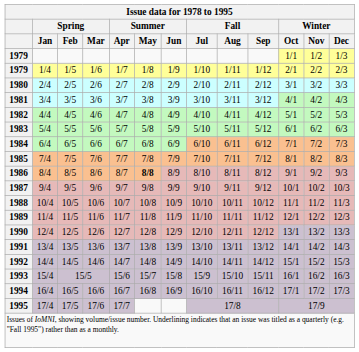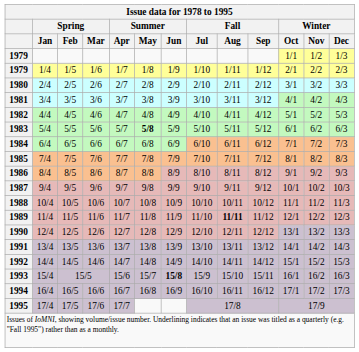 <table class="wikitable collapsible collapsed" style="max-width:500px; font-size: 10pt; line-height: 11pt; margin-left: 2em; text-align: center; float: right">
 <tr>
 <th colspan="13">Issue data for 1978 to 1995</th>
 </tr>
 <tr>
 <th></th>
 <th colspan="3">Spring</th>
 <th colspan="3">Summer</th>
 <th colspan="3">Fall</th>
 <th colspan="3">Winter</th>
 </tr>
 <tr>
 <th></th>
 <th>Jan</th>
 <th>Feb</th>
 <th>Mar</th>
 <th>Apr</th>
 <th>May</th>
 <th>Jun</th>
 <th>Jul</th>
 <th>Aug</th>
 <th>Sep</th>
 <th>Oct</th>
 <th>Nov</th>
 <th>Dec</th>
 </tr>
 <tr>
 <th>1979</th>
 <td></td>
 <td></td>
 <td></td>
 <td></td>
 <td></td>
 <td></td>
 <td></td>
 <td></td>
 <td></td>
 <td bgcolor="#ffff99">1/1</td>
 <td bgcolor="#ffff99">1/2</td>
 <td bgcolor="#ffff99">1/3</td>
 </tr>
 <tr>
 <th>1979</th>
 <td bgcolor="#ffff99">1/4</td>
 <td bgcolor="#ffff99">1/5</td>
 <td bgcolor="#ffff99">1/6</td>
 <td bgcolor="#ffff99">1/7</td>
 <td bgcolor="#ffff99">1/8</td>
 <td bgcolor="#ffff99">1/9</td>
 <td bgcolor="#ffff99">1/10</td>
 <td bgcolor="#ffff99">1/11</td>
 <td bgcolor="#ffff99">1/12</td>
 <td bgcolor="#ffff99">2/1</td>
 <td bgcolor="#ffff99">2/2</td>
 <td bgcolor="#ffff99">2/3</td>
 </tr>
 <tr>
 <th>1980</th>
 <td bgcolor="#ccffff">2/4</td>
 <td bgcolor="#ccffff">2/5</td>
 <td bgcolor="#ccffff">2/6</td>
 <td bgcolor="#ccffff">2/7</td>
 <td bgcolor="#ccffff">2/8</td>
 <td bgcolor="#ccffff">2/9</td>
 <td bgcolor="#ccffff">2/10</td>
 <td bgcolor="#ccffff">2/11</td>
 <td bgcolor="#ccffff">2/12</td>
 <td bgcolor="#ccffff">3/1</td>
 <td bgcolor="#ccffff">3/2</td>
 <td bgcolor="#ccffff">3/3</td>
 </tr>
 <tr>
 <th>1981</th>
 <td bgcolor="#ccffff">3/4</td>
 <td bgcolor="#ccffff">3/5</td>
 <td bgcolor="#ccffff">3/6</td>
 <td bgcolor="#ccffff">3/7</td>
 <td bgcolor="#ccffff">3/8</td>
 <td bgcolor="#ccffff">3/9</td>
 <td bgcolor="#ccffff">3/10</td>
 <td bgcolor="#ccffff">3/11</td>
 <td bgcolor="#ccffff">3/12</td>
 <td bgcolor="#c3f9bf">4/1</td>
 <td bgcolor="#c3f9bf">4/2</td>
 <td bgcolor="#c3f9bf">4/3</td>
 </tr>
 <tr>
 <th>1982</th>
 <td bgcolor="#c3f9bf">4/4</td>
 <td bgcolor="#c3f9bf">4/5</td>
 <td bgcolor="#c3f9bf">4/6</td>
 <td bgcolor="#c3f9bf">4/7</td>
 <td bgcolor="#c3f9bf">4/8</td>
 <td bgcolor="#c3f9bf">4/9</td>
 <td bgcolor="#c3f9bf">4/10</td>
 <td bgcolor="#c3f9bf">4/11</td>
 <td bgcolor="#c3f9bf">4/12</td>
 <td bgcolor="#c3f9bf">5/1</td>
 <td bgcolor="#c3f9bf">5/2</td>
 <td bgcolor="#c3f9bf">5/3</td>
 </tr>
 <tr>
 <th>1983</th>
 <td bgcolor="#c3f9bf">5/4</td>
 <td bgcolor="#c3f9bf">5/5</td>
 <td bgcolor="#c3f9bf">5/6</td>
 <td bgcolor="#c3f9bf">5/7</td>
-<td bgcolor="#c3f9bf">5/8</td>
+<td bgcolor="#c3f9bf"><strong>5/8</strong></td>
 <td bgcolor="#c3f9bf">5/9</td>
 <td bgcolor="#c3f9bf">5/10</td>
 <td bgcolor="#c3f9bf">5/11</td>
 <td bgcolor="#c3f9bf">5/12</td>
 <td bgcolor="#c3f9bf">6/1</td>
 <td bgcolor="#c3f9bf">6/2</td>
 <td bgcolor="#c3f9bf">6/3</td>
 </tr>
 <tr>
 <th>1984</th>
 <td bgcolor="#c3f9bf">6/4</td>
 <td bgcolor="#c3f9bf">6/5</td>
 <td bgcolor="#c3f9bf">6/6</td>
 <td bgcolor="#c3f9bf">6/7</td>
 <td bgcolor="#c3f9bf">6/8</td>
 <td bgcolor="#c3f9bf">6/9</td>
 <td bgcolor="#fac090">6/10</td>
 <td bgcolor="#fac090">6/11</td>
 <td bgcolor="#fac090">6/12</td>
 <td bgcolor="#fac090">7/1</td>
 <td bgcolor="#fac090">7/2</td>
 <td bgcolor="#fac090">7/3</td>
 </tr>
 <tr>
 <th>1985</th>
 <td bgcolor="#fac090">7/4</td>
 <td bgcolor="#fac090">7/5</td>
 <td bgcolor="#fac090">7/6</td>
 <td bgcolor="#fac090">7/7</td>
 <td bgcolor="#fac090">7/8</td>
 <td bgcolor="#fac090">7/9</td>
 <td bgcolor="#fac090">7/10</td>
 <td bgcolor="#fac090">7/11</td>
 <td bgcolor="#fac090">7/12</td>
 <td bgcolor="#fac090">8/1</td>
 <td bgcolor="#fac090">8/2</td>
 <td bgcolor="#fac090">8/3</td>
 </tr>
 <tr>
 <th>1986</th>
 <td bgcolor="#fac090">8/4</td>
 <td bgcolor="#fac090">8/5</td>
 <td bgcolor="#fac090">8/6</td>
 <td bgcolor="#fac090">8/7</td>
-<td bgcolor="#fac090"><strong>8/8</strong></td>
+<td bgcolor="#fac090">8/8</td>
 <td bgcolor="#e6b9b8">8/9</td>
 <td bgcolor="#e6b9b8">8/10</td>
 <td bgcolor="#e6b9b8">8/11</td>
 <td bgcolor="#e6b9b8">8/12</td>
 <td bgcolor="#e6b9b8">9/1</td>
 <td bgcolor="#e6b9b8">9/2</td>
 <td bgcolor="#e6b9b8">9/3</td>
 </tr>
 <tr>
 <th>1987</th>
 <td bgcolor="#e6b9b8">9/4</td>
 <td bgcolor="#e6b9b8">9/5</td>
 <td bgcolor="#e6b9b8">9/6</td>
 <td bgcolor="#e6b9b8">9/7</td>
 <td bgcolor="#e6b9b8">9/8</td>
 <td bgcolor="#e6b9b8">9/9</td>
 <td bgcolor="#e6b9b8">9/10</td>
 <td bgcolor="#e6b9b8">9/11</td>
 <td bgcolor="#e6b9b8">9/12</td>
 <td bgcolor="#e6b9b8">10/1</td>
 <td bgcolor="#e6b9b8">10/2</td>
 <td bgcolor="#e6b9b8">10/3</td>
 </tr>
 <tr>
 <th>1988</th>
 <td bgcolor="#e6b9b8">10/4</td>
 <td bgcolor="#e6b9b8">10/5</td>
 <td bgcolor="#e6b9b8">10/6</td>
 <td bgcolor="#e6b9b8">10/7</td>
 <td bgcolor="#e6b9b8">10/8</td>
 <td bgcolor="#e6b9b8">10/9</td>
 <td bgcolor="#e6b9b8">10/10</td>
 <td bgcolor="#e6b9b8">10/11</td>
 <td bgcolor="#e6b9b8">10/12</td>
 <td bgcolor="#e6b9b8">11/1</td>
 <td bgcolor="#e6b9b8">11/2</td>
 <td bgcolor="#e6b9b8">11/3</td>
 </tr>
 <tr>
 <th>1989</th>
 <td bgcolor="#e6b9b8">11/4</td>
 <td bgcolor="#e6b9b8">11/5</td>
 <td bgcolor="#e6b9b8">11/6</td>
 <td bgcolor="#e6b9b8">11/7</td>
 <td bgcolor="#e6b9b8">11/8</td>
 <td bgcolor="#e6b9b8">11/9</td>
 <td bgcolor="#e6b9b8">11/10</td>
-<td bgcolor="#e6b9b8">11/11</td>
+<td bgcolor="#e6b9b8"><strong>11/11</strong></td>
 <td bgcolor="#e6b9b8">11/12</td>
 <td bgcolor="#e6b9b8">12/1</td>
 <td bgcolor="#e6b9b8">12/2</td>
 <td bgcolor="#e6b9b8">12/3</td>
 </tr>
 <tr>
 <th>1990</th>
 <td bgcolor="#e6b9b8">12/4</td>
 <td bgcolor="#e6b9b8">12/5</td>
 <td bgcolor="#e6b9b8">12/6</td>
 <td bgcolor="#e6b9b8">12/7</td>
 <td bgcolor="#e6b9b8">12/8</td>
 <td bgcolor="#e6b9b8">12/9</td>
 <td bgcolor="#e6b9b8">12/10</td>
 <td bgcolor="#e6b9b8">12/11</td>
 <td bgcolor="#e6b9b8">12/12</td>
 <td bgcolor="#ccc0d0">13/1</td>
 <td bgcolor="#ccc0d0">13/2</td>
 <td bgcolor="#ccc0d0">13/3</td>
 </tr>
 <tr>
 <th>1991</th>
 <td bgcolor="#ccc0d0">13/4</td>
 <td bgcolor="#ccc0d0">13/5</td>
 <td bgcolor="#ccc0d0">13/6</td>
 <td bgcolor="#ccc0d0">13/7</td>
 <td bgcolor="#ccc0d0">13/8</td>
 <td bgcolor="#ccc0d0">13/9</td>
 <td bgcolor="#ccc0d0">13/10</td>
 <td bgcolor="#ccc0d0">13/11</td>
 <td bgcolor="#ccc0d0">13/12</td>
 <td bgcolor="#ccc0d0">14/1</td>
 <td bgcolor="#ccc0d0">14/2</td>
 <td bgcolor="#ccc0d0">14/3</td>
 </tr>
 <tr>
 <th>1992</th>
 <td bgcolor="#ccc0d0">14/4</td>
 <td bgcolor="#ccc0d0">14/5</td>
 <td bgcolor="#ccc0d0">14/6</td>
 <td bgcolor="#ccc0d0">14/7</td>
 <td bgcolor="#ccc0d0">14/8</td>
 <td bgcolor="#ccc0d0">14/9</td>
 <td bgcolor="#ccc0d0">14/10</td>
 <td bgcolor="#ccc0d0">14/11</td>
 <td bgcolor="#ccc0d0">14/12</td>
 <td bgcolor="#ccc0d0">15/1</td>
 <td bgcolor="#ccc0d0">15/2</td>
 <td bgcolor="#ccc0d0">15/3</td>
 </tr>
 <tr>
 <th>1993</th>
 <td bgcolor="#ccc0d0">15/4</td>
 <td colspan="2" bgcolor="#ccc0d0">15/5</td>
 <td bgcolor="#ccc0d0">15/6</td>
 <td bgcolor="#ccc0d0">15/7</td>
-<td bgcolor="#ccc0d0">15/8</td>
+<td bgcolor="#ccc0d0"><strong>15/8</strong></td>
 <td bgcolor="#ccc0d0">15/9</td>
 <td bgcolor="#ccc0d0">15/10</td>
 <td bgcolor="#ccc0d0">15/11</td>
 <td bgcolor="#ccc0d0">16/1</td>
 <td bgcolor="#ccc0d0">16/2</td>
 <td bgcolor="#ccc0d0">16/3</td>
 </tr>
 <tr>
 <th>1994</th>
 <td bgcolor="#ccc0d0">16/4</td>
 <td bgcolor="#ccc0d0">16/5</td>
 <td bgcolor="#ccc0d0">16/6</td>
 <td bgcolor="#ccc0d0">16/7</td>
 <td bgcolor="#ccc0d0">16/8</td>
 <td bgcolor="#ccc0d0">16/9</td>
 <td bgcolor="#ccc0d0">16/10</td>
 <td bgcolor="#ccc0d0">16/11</td>
 <td bgcolor="#ccc0d0">16/12</td>
 <td bgcolor="#ccc0d0">17/1</td>
 <td bgcolor="#ccc0d0">17/2</td>
 <td bgcolor="#ccc0d0">17/3</td>
 </tr>
 <tr>
 <th>1995</th>
 <td bgcolor="#ccc0d0">17/4</td>
 <td bgcolor="#ccc0d0">17/5</td>
 <td bgcolor="#ccc0d0">17/6</td>
 <td bgcolor="#ccc0d0">17/7</td>
 <td></td>
 <td></td>
 <td colspan="3" bgcolor="#ccc0d0">17/8</td>
 <td colspan="3" bgcolor="#ccc0d0">17/9</td>
 </tr>
 <tr>
 <td colspan="13" style="font-size: 8pt; text-align:left">Issues of <em>IoMNI</em>, showing volume/issue number. Underlining indicates that an issue was titled as a quarterly (e.g. "Fall 1995") rather than as a monthly.<br><br>     </td>
 </tr>
 </table>
